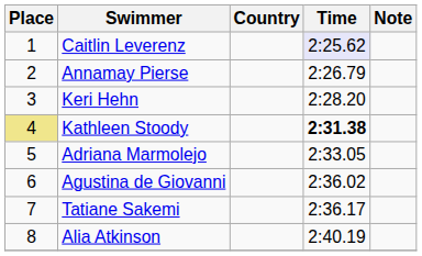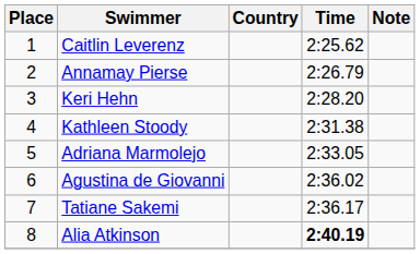 <table class="wikitable" style="text-align:center">
 <tr>
 <th>Place</th>
 <th>Swimmer</th>
 <th>Country</th>
 <th>Time</th>
 <th>Note</th>
 </tr>
 <tr>
 <td>1</td>
 <td align=left><a href='#'>Caitlin Leverenz</a></td>
 <td align=left></td>
-<td style="background: lavender;">2:25.62</td>
+<td>2:25.62</td>
 <td></td>
 </tr>
 <tr>
 <td>2</td>
 <td align=left><a href='#'>Annamay Pierse</a></td>
 <td align=left></td>
 <td>2:26.79</td>
 <td></td>
 </tr>
 <tr>
 <td>3</td>
 <td align=left><a href='#'>Keri Hehn</a></td>
 <td align=left></td>
 <td>2:28.20</td>
 <td></td>
 </tr>
 <tr>
-<td style="background: khaki;">4</td>
+<td>4</td>
 <td align=left><a href='#'>Kathleen Stoody</a></td>
 <td align=left></td>
-<td><strong>2:31.38</strong></td>
+<td>2:31.38</td>
 <td></td>
 </tr>
 <tr>
 <td>5</td>
 <td align=left><a href='#'>Adriana Marmolejo</a></td>
 <td align=left></td>
 <td>2:33.05</td>
 <td></td>
 </tr>
 <tr>
 <td>6</td>
 <td align=left><a href='#'>Agustina de Giovanni</a></td>
 <td align=left></td>
 <td>2:36.02</td>
 <td></td>
 </tr>
 <tr>
 <td>7</td>
 <td align=left><a href='#'>Tatiane Sakemi</a></td>
 <td align=left></td>
 <td>2:36.17</td>
 <td></td>
 </tr>
 <tr>
 <td>8</td>
 <td align=left><a href='#'>Alia Atkinson</a></td>
 <td align=left></td>
-<td>2:40.19</td>
+<td><strong>2:40.19</strong></td>
 <td></td>
 </tr>
 <tr>
 </tr>
 </table>
